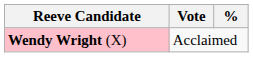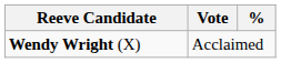 <table class="wikitable">
 <tr>
 <th bgcolor="#DDDDFF" width="170px">Reeve Candidate</th>
 <th bgcolor="#DDDDFF" width="40px">Vote</th>
 <th bgcolor="#DDDDFF" width="30px">%</th>
 </tr>
 <tr>
-<td style="background: pink;"><strong>Wendy Wright</strong> (X)</td>
+<td><strong>Wendy Wright</strong> (X)</td>
 <td colspan="2">Acclaimed</td>
 </tr>
 </table>
